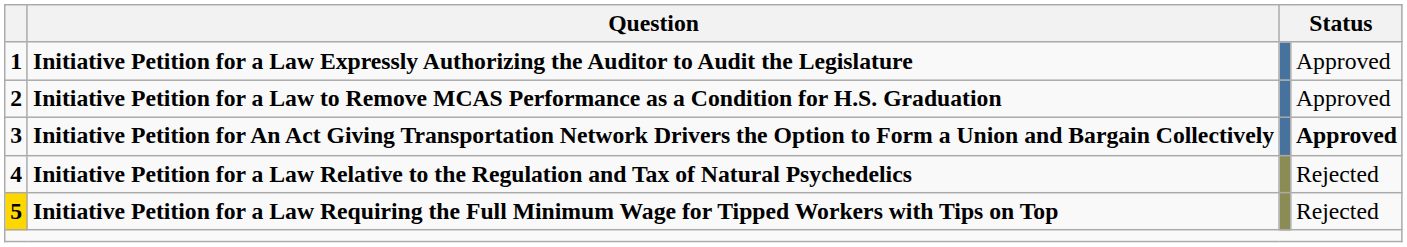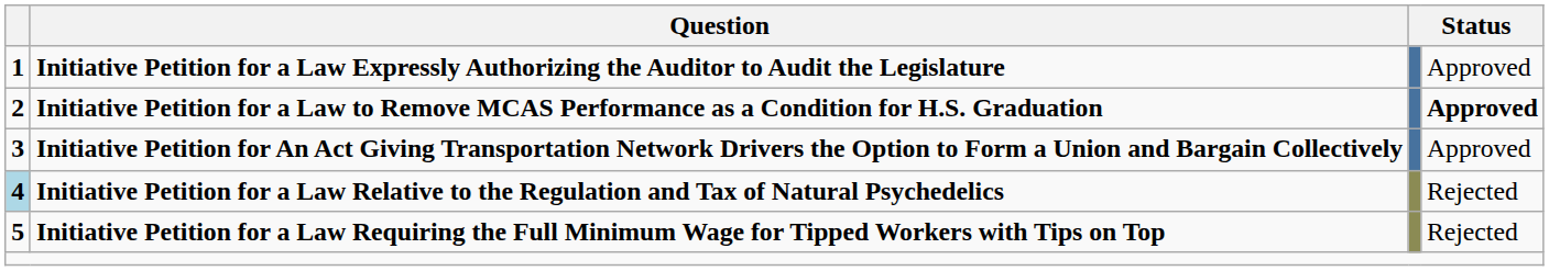 <table class="wikitable">
 <tr>
 <th></th>
 <th>Question</th>
 <th colspan="2">Status</th>
 </tr>
 <tr>
 <td><strong>1</strong></td>
 <td><strong>Initiative Petition for a Law Expressly Authorizing the Auditor to Audit the Legislature</strong></td>
 <td style="background: #47729E; color: white;"></td>
 <td>Approved</td>
 </tr>
 <tr>
 <td><strong>2</strong></td>
 <td><strong>Initiative Petition for a Law to Remove MCAS Performance as a Condition for H.S. Graduation</strong></td>
 <td style="background: #47729E; color: white;"></td>
-<td>Approved</td>
+<td><strong>Approved</strong></td>
 </tr>
 <tr>
 <td><strong>3</strong></td>
 <td><strong>Initiative Petition for An Act Giving Transportation Network Drivers the Option to Form a Union and Bargain Collectively</strong></td>
 <td style="background: #47729E; color: white;"></td>
-<td><strong>Approved</strong></td>
+<td>Approved</td>
 </tr>
 <tr>
-<td><strong>4</strong></td>
+<td style="background: lightblue;"><strong>4</strong></td>
 <td><strong>Initiative Petition for a Law Relative to the Regulation and Tax of Natural Psychedelics</strong><br></td>
 <td style="background: #8B8B54; color: white;"></td>
 <td>Rejected</td>
 </tr>
 <tr>
-<td style="background: gold;"><strong>5</strong></td>
+<td><strong>5</strong></td>
 <td><strong>Initiative Petition for a Law Requiring the Full Minimum Wage for Tipped Workers with Tips on Top</strong></td>
 <td style="background: #8B8B54; color: white;"></td>
 <td>Rejected</td>
 </tr>
 <tr>
 <td colspan="4"></td>
 </tr>
 </table>
